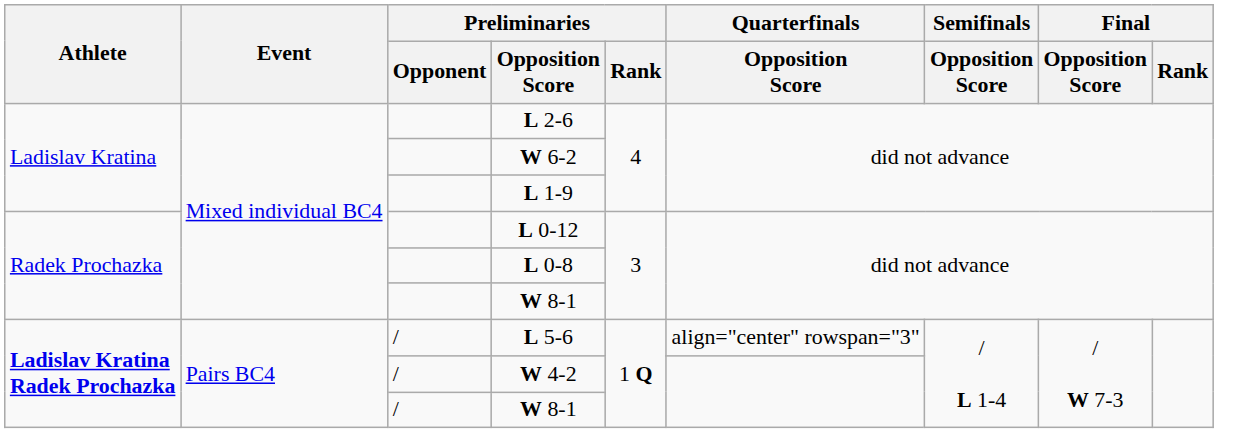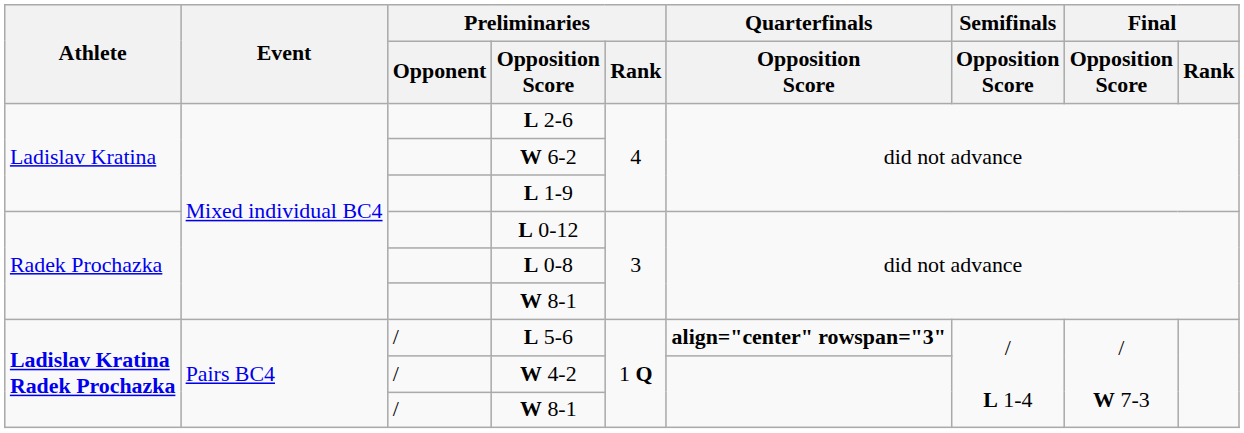 <table class=wikitable style="font-size:90%">
 <tr>
 <th rowspan="2">Athlete</th>
 <th rowspan="2">Event</th>
 <th colspan="3">Preliminaries</th>
 <th>Quarterfinals</th>
 <th>Semifinals</th>
 <th colspan="2">Final</th>
 </tr>
 <tr>
 <th>Opponent</th>
 <th>Opposition<br>Score</th>
 <th>Rank</th>
 <th>Opposition<br>Score</th>
 <th>Opposition<br>Score</th>
 <th>Opposition<br>Score</th>
 <th>Rank</th>
 </tr>
 <tr>
 <td rowspan="3"><a href='#'>Ladislav Kratina</a></td>
 <td rowspan="6"><a href='#'>Mixed individual BC4</a></td>
 <td align="left"></td>
 <td align="center"><strong>L</strong> 2-6</td>
 <td align="center" rowspan="3">4</td>
 <td align="center" rowspan="3" colspan="4">did not advance</td>
 </tr>
 <tr>
 <td align="left"></td>
 <td align="center"><strong>W</strong> 6-2</td>
 </tr>
 <tr>
 <td align="left"></td>
 <td align="center"><strong>L</strong> 1-9</td>
 </tr>
 <tr>
 <td rowspan="3"><a href='#'>Radek Prochazka</a></td>
 <td align="left"></td>
 <td align="center"><strong>L</strong> 0-12</td>
 <td align="center" rowspan="3">3</td>
 <td align="center" rowspan="3" colspan="4">did not advance</td>
 </tr>
 <tr>
 <td align="left"></td>
 <td align="center"><strong>L</strong> 0-8</td>
 </tr>
 <tr>
 <td align="left"></td>
 <td align="center"><strong>W</strong> 8-1</td>
 </tr>
 <tr>
 <td rowspan="3"><strong><a href='#'>Ladislav Kratina</a></strong><br> <strong><a href='#'>Radek Prochazka</a></strong></td>
 <td rowspan="3"><a href='#'>Pairs BC4</a></td>
 <td align="left"> /<br> </td>
 <td align="center"><strong>L</strong> 5-6</td>
 <td align="center" rowspan="3">1 <strong>Q</strong></td>
-<td>align="center" rowspan="3" </td>
+<td><strong>align="center" rowspan="3" </strong></td>
 <td align="center" rowspan="3"> /<br> <br><strong>L</strong> 1-4</td>
 <td align="center" rowspan="3"> /<br> <br><strong>W</strong> 7-3</td>
 <td align="center" rowspan="3"></td>
 </tr>
 <tr>
 <td align="left"> /<br> </td>
 <td align="center"><strong>W</strong> 4-2</td>
 </tr>
 <tr>
 <td align="left"> /<br> </td>
 <td align="center"><strong>W</strong> 8-1</td>
 </tr>
 </table>
